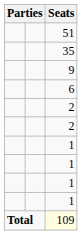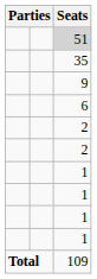 <table class="wikitable" style="text-align:left;">
 <tr>
 <th colspan="2" style="text-align:left;">Parties</th>
 <th>Seats</th>
 </tr>
 <tr>
 <td></td>
 <td></td>
-<td style="text-align:right;">51</td>
+<td style="background: lightgrey; text-align:right;">51</td>
 </tr>
 <tr>
 <td></td>
 <td></td>
 <td style="text-align:right;">35</td>
 </tr>
 <tr>
 <td></td>
 <td></td>
 <td style="text-align:right;">9</td>
 </tr>
 <tr>
 <td></td>
 <td></td>
 <td style="text-align:right;">6</td>
 </tr>
 <tr>
 <td></td>
 <td></td>
 <td style="text-align:right;">2</td>
 </tr>
 <tr>
 <td></td>
 <td></td>
 <td style="text-align:right;">2</td>
 </tr>
 <tr>
 <td></td>
 <td></td>
 <td style="text-align:right;">1</td>
 </tr>
 <tr>
 <td></td>
 <td></td>
 <td style="text-align:right;">1</td>
 </tr>
 <tr>
 <td></td>
 <td></td>
 <td style="text-align:right;">1</td>
 </tr>
 <tr>
 <td></td>
 <td></td>
 <td style="text-align:right;">1</td>
 </tr>
 <tr>
 <td colspan="2"><strong>Total</strong></td>
-<td style="background: lightyellow; text-align:right;">109</td>
+<td style="text-align:right;">109</td>
 </tr>
 </table>
